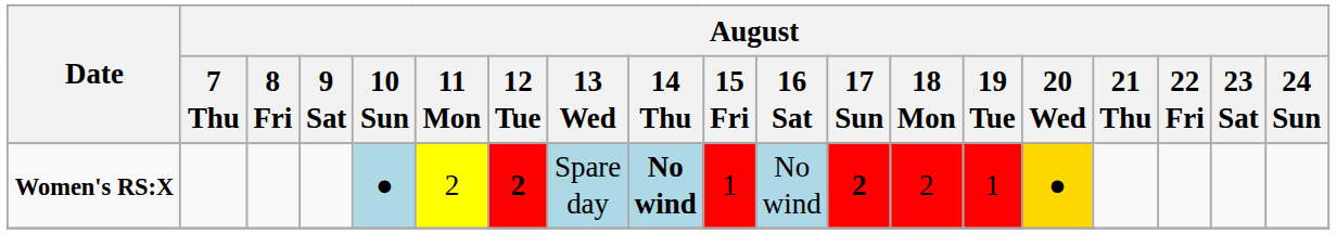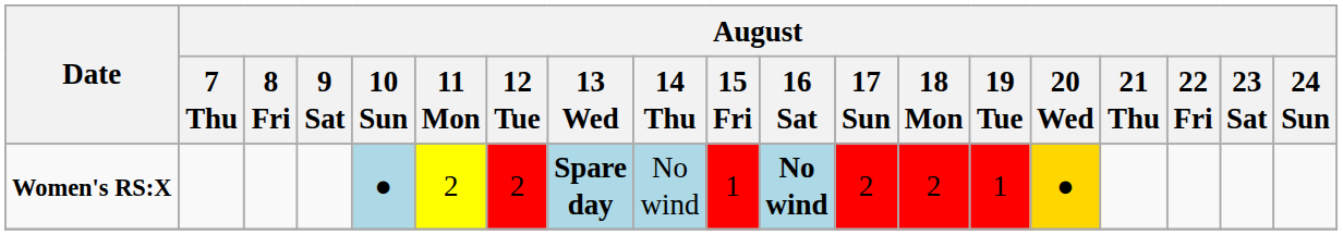 <table class="wikitable" style="margin:0.5em auto; font-size:90%; line-height:1.25em;">
 <tr>
 <th rowspan=2>Date</th>
 <th colspan=18>August</th>
 </tr>
 <tr>
 <th>7<br>Thu</th>
 <th>8<br>Fri</th>
 <th>9<br>Sat</th>
 <th>10<br>Sun</th>
 <th>11<br>Mon</th>
 <th>12<br>Tue</th>
 <th>13<br>Wed</th>
 <th>14<br>Thu</th>
 <th>15<br>Fri</th>
 <th>16<br>Sat</th>
 <th>17<br>Sun</th>
 <th>18<br>Mon</th>
 <th>19<br>Tue</th>
 <th>20<br>Wed</th>
 <th>21<br>Thu</th>
 <th>22<br>Fri</th>
 <th>23<br>Sat</th>
 <th>24<br>Sun</th>
 </tr>
 <tr align="center">
 <td align="right"><small><strong>Women's RS:X</strong></small></td>
 <td></td>
 <td></td>
 <td></td>
 <td bgcolor=LightBlue><span> ● </span></td>
 <td bgcolor=Yellow><span> 2 </span></td>
-<td bgcolor=Red><strong><span> 2 </span></strong></td>
-<td bgcolor=LightBlue><span> Spare<br>day </span></td>
+<td bgcolor=Red><span> 2 </span></td>
+<td bgcolor=LightBlue><strong><span> Spare<br>day </span></strong></td>
+<td bgcolor=LightBlue><span> No<br>wind </span></td>
+<td bgcolor=Red><span> 1 </span></td>
 <td bgcolor=LightBlue><strong><span> No<br>wind </span></strong></td>
-<td bgcolor=Red><span> 1 </span></td>
-<td bgcolor=LightBlue><span> No<br>wind </span></td>
-<td bgcolor=Red><strong><span> 2 </span></strong></td>
+<td bgcolor=Red><span> 2 </span></td>
 <td bgcolor=Red><span> 2 </span></td>
 <td bgcolor=Red><span> 1 </span></td>
 <td bgcolor=Gold><span> ● </span></td>
 <td></td>
 <td></td>
 <td></td>
 <td></td>
 </tr>
 <tr>
 </tr>
 </table>
